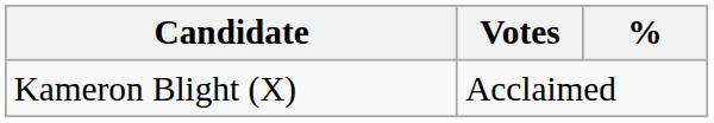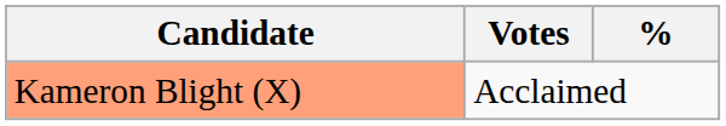 <table class="wikitable sortable">
 <tr>
 <th bgcolor="#DDDDFF" width="200px">Candidate</th>
 <th bgcolor="#DDDDFF" width="50px">Votes</th>
 <th bgcolor="#DDDDFF" width="50px">%</th>
 </tr>
 <tr>
-<td>Kameron Blight (X)</td>
+<td style="background: lightsalmon;">Kameron Blight (X)</td>
 <td colspan="2">Acclaimed</td>
 </tr>
 </table>
